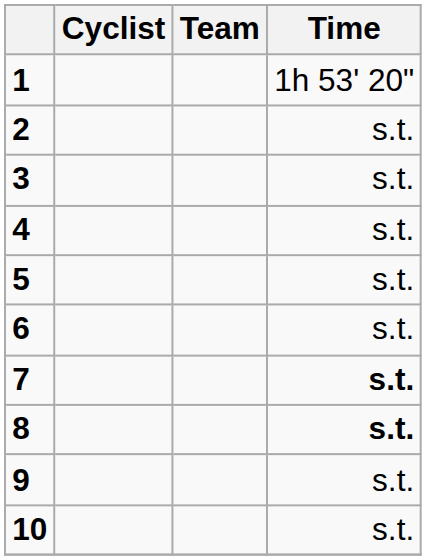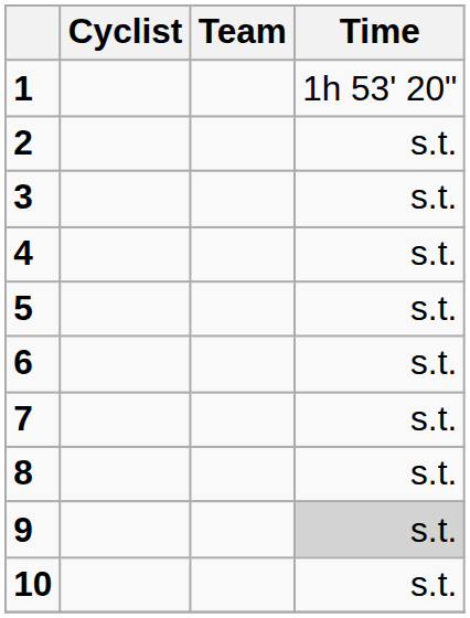 <table class="wikitable">
 <tr>
 <th></th>
 <th>Cyclist</th>
 <th>Team</th>
 <th>Time</th>
 </tr>
 <tr>
 <td><strong>1</strong></td>
 <td></td>
 <td></td>
 <td align=right>1h 53' 20"</td>
 </tr>
 <tr>
 <td><strong>2</strong></td>
 <td></td>
 <td></td>
 <td align=right>s.t.</td>
 </tr>
 <tr>
 <td><strong>3</strong></td>
 <td></td>
 <td></td>
 <td align=right>s.t.</td>
 </tr>
 <tr>
 <td><strong>4</strong></td>
 <td></td>
 <td></td>
 <td align=right>s.t.</td>
 </tr>
 <tr>
 <td><strong>5</strong></td>
 <td></td>
 <td></td>
 <td align=right>s.t.</td>
 </tr>
 <tr>
 <td><strong>6</strong></td>
 <td></td>
 <td></td>
 <td align=right>s.t.</td>
 </tr>
 <tr>
 <td><strong>7</strong></td>
 <td></td>
 <td></td>
-<td align=right><strong>s.t.</strong></td>
+<td align=right>s.t.</td>
 </tr>
 <tr>
 <td><strong>8</strong></td>
 <td></td>
 <td></td>
-<td align=right><strong>s.t.</strong></td>
+<td align=right>s.t.</td>
 </tr>
 <tr>
 <td><strong>9</strong></td>
 <td></td>
 <td></td>
-<td align=right>s.t.</td>
+<td align=right style="background: lightgrey;">s.t.</td>
 </tr>
 <tr>
 <td><strong>10</strong></td>
 <td></td>
 <td></td>
 <td align=right>s.t.</td>
 </tr>
 <tr>
 </tr>
 </table>
